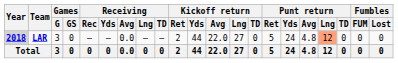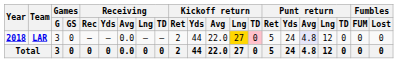 <table class="wikitable">
 <tr>
 <th rowspan="2">Year</th>
 <th rowspan="2">Team</th>
 <th colspan="2">Games</th>
 <th colspan="5">Receiving</th>
 <th colspan="5">Kickoff return</th>
 <th colspan="5">Punt return</th>
 <th colspan="2">Fumbles</th>
 </tr>
 <tr>
 <th>G</th>
 <th>GS</th>
 <th>Rec</th>
 <th>Yds</th>
 <th>Avg</th>
 <th>Lng</th>
 <th>TD</th>
 <th>Ret</th>
 <th>Yds</th>
 <th>Avg</th>
 <th>Lng</th>
 <th>TD</th>
 <th>Ret</th>
 <th>Yds</th>
 <th>Avg</th>
 <th>Lng</th>
 <th>TD</th>
 <th>FUM</th>
 <th>Lost</th>
 </tr>
 <tr align=center>
-<td style="background: lightgrey;"><strong><a href='#'>2018</a></strong></td>
+<td><strong><a href='#'>2018</a></strong></td>
 <td><strong><a href='#'>LAR</a></strong></td>
 <td>3</td>
 <td>0</td>
 <td>–</td>
 <td>–</td>
 <td>0.0</td>
 <td>–</td>
 <td>–</td>
 <td>2</td>
 <td>44</td>
 <td>22.0</td>
-<td>27</td>
-<td>0</td>
+<td style="background: gold;">27</td>
+<td style="background: pink;">0</td>
 <td>5</td>
 <td>24</td>
-<td>4.8</td>
-<td style="background: lightsalmon;">12</td>
+<td style="background: lavender;">4.8</td>
+<td>12</td>
 <td>0</td>
 <td>0</td>
 <td>0</td>
 </tr>
 <tr align=center>
 <th colspan="2">Total</th>
 <th>3</th>
 <th>0</th>
 <th>0</th>
 <th>0</th>
 <th>0.0</th>
 <th>0</th>
 <th>0</th>
 <th>2</th>
 <th>44</th>
 <th>22.0</th>
 <th>27</th>
 <th>0</th>
 <th>5</th>
 <th>24</th>
 <th>4.8</th>
 <th>12</th>
 <th>0</th>
 <th>0</th>
 <th>0</th>
 </tr>
 </table>
